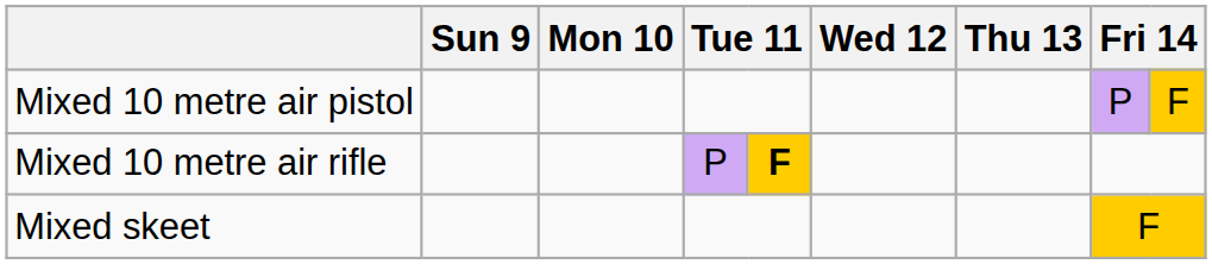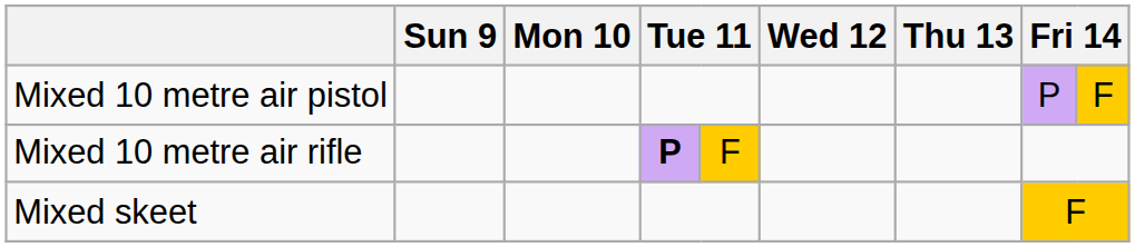 <table class="wikitable" style="margin:0.5em auto; font-size:90%; line-height:1.25em; text-align:center;">
 <tr>
 <th></th>
 <th>Sun 9</th>
 <th>Mon 10</th>
 <th colspan=2>Tue 11</th>
 <th>Wed 12</th>
 <th>Thu 13</th>
 <th colspan=2>Fri 14</th>
 </tr>
 <tr>
 <td align=left>Mixed 10 metre air pistol</td>
 <td></td>
 <td></td>
 <td colspan=2></td>
 <td></td>
 <td></td>
 <td style="background-color:#D0A9F5;">P</td>
 <td style="background-color:#FFCC00;">F</td>
 </tr>
 <tr>
 <td align=left>Mixed 10 metre air rifle</td>
 <td></td>
 <td></td>
-<td style="background-color:#D0A9F5;">P</td>
-<td style="background-color:#FFCC00;"><strong>F</strong></td>
+<td style="background-color:#D0A9F5;"><strong>P</strong></td>
+<td style="background-color:#FFCC00;">F</td>
 <td></td>
 <td></td>
 <td colspan=2></td>
 </tr>
 <tr>
 <td align=left>Mixed skeet</td>
 <td></td>
 <td></td>
 <td colspan=2></td>
 <td></td>
 <td></td>
 <td style="background-color:#FFCC00;" colspan=2>F</td>
 </tr>
 </table>
